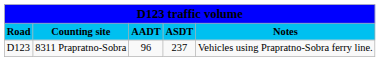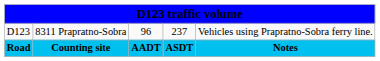 <table class="wikitable">
 <tr>
 <td colspan=5 bgcolor=blue align=center style=margin-top:15><span><big><strong>D123 traffic volume</strong></big></span></td>
+</tr>
+<tr>
+<td> D123</td>
+<td>8311 Prapratno-Sobra</td>
+<td align=center>96</td>
+<td align=center>237</td>
+<td>Vehicles using Prapratno-Sobra ferry line.</td>
 </tr>
 <tr>
 <td align=center bgcolor=00c0f0><strong>Road</strong></td>
 <td align=center bgcolor=00c0f0><strong>Counting site</strong></td>
 <td align=center bgcolor=00c0f0><strong>AADT</strong></td>
 <td align=center bgcolor=00c0f0><strong>ASDT</strong></td>
 <td align=center bgcolor=00c0f0><strong>Notes</strong></td>
 </tr>
-<tr>
-<td> D123</td>
-<td>8311 Prapratno-Sobra</td>
-<td align=center>96</td>
-<td align=center>237</td>
-<td>Vehicles using Prapratno-Sobra ferry line.</td>
-</tr>
 </table>
